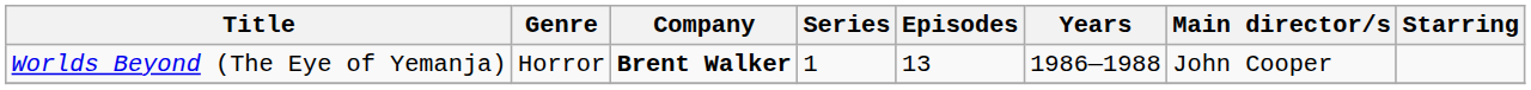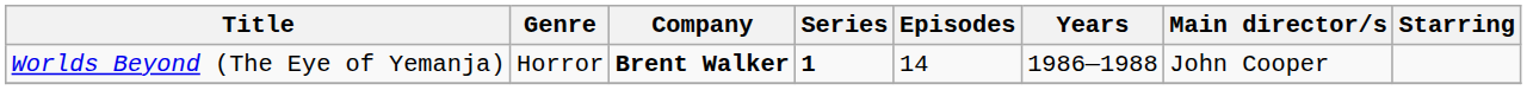 <table class="wikitable unsortable">
 <tr>
 <th>Title</th>
 <th>Genre</th>
 <th>Company</th>
 <th>Series</th>
 <th>Episodes</th>
 <th>Years</th>
 <th>Main director/s</th>
 <th>Starring</th>
 </tr>
 <tr>
 <td><em><a href='#'>Worlds Beyond</a></em> (The Eye of Yemanja)</td>
 <td>Horror</td>
 <td><strong>Brent Walker</strong></td>
-<td>1</td>
-<td>13</td>
+<td><strong>1</strong></td>
+<td>14</td>
 <td>1986—1988</td>
 <td>John Cooper</td>
 <td></td>
 </tr>
 <tr>
 </tr>
 </table>
